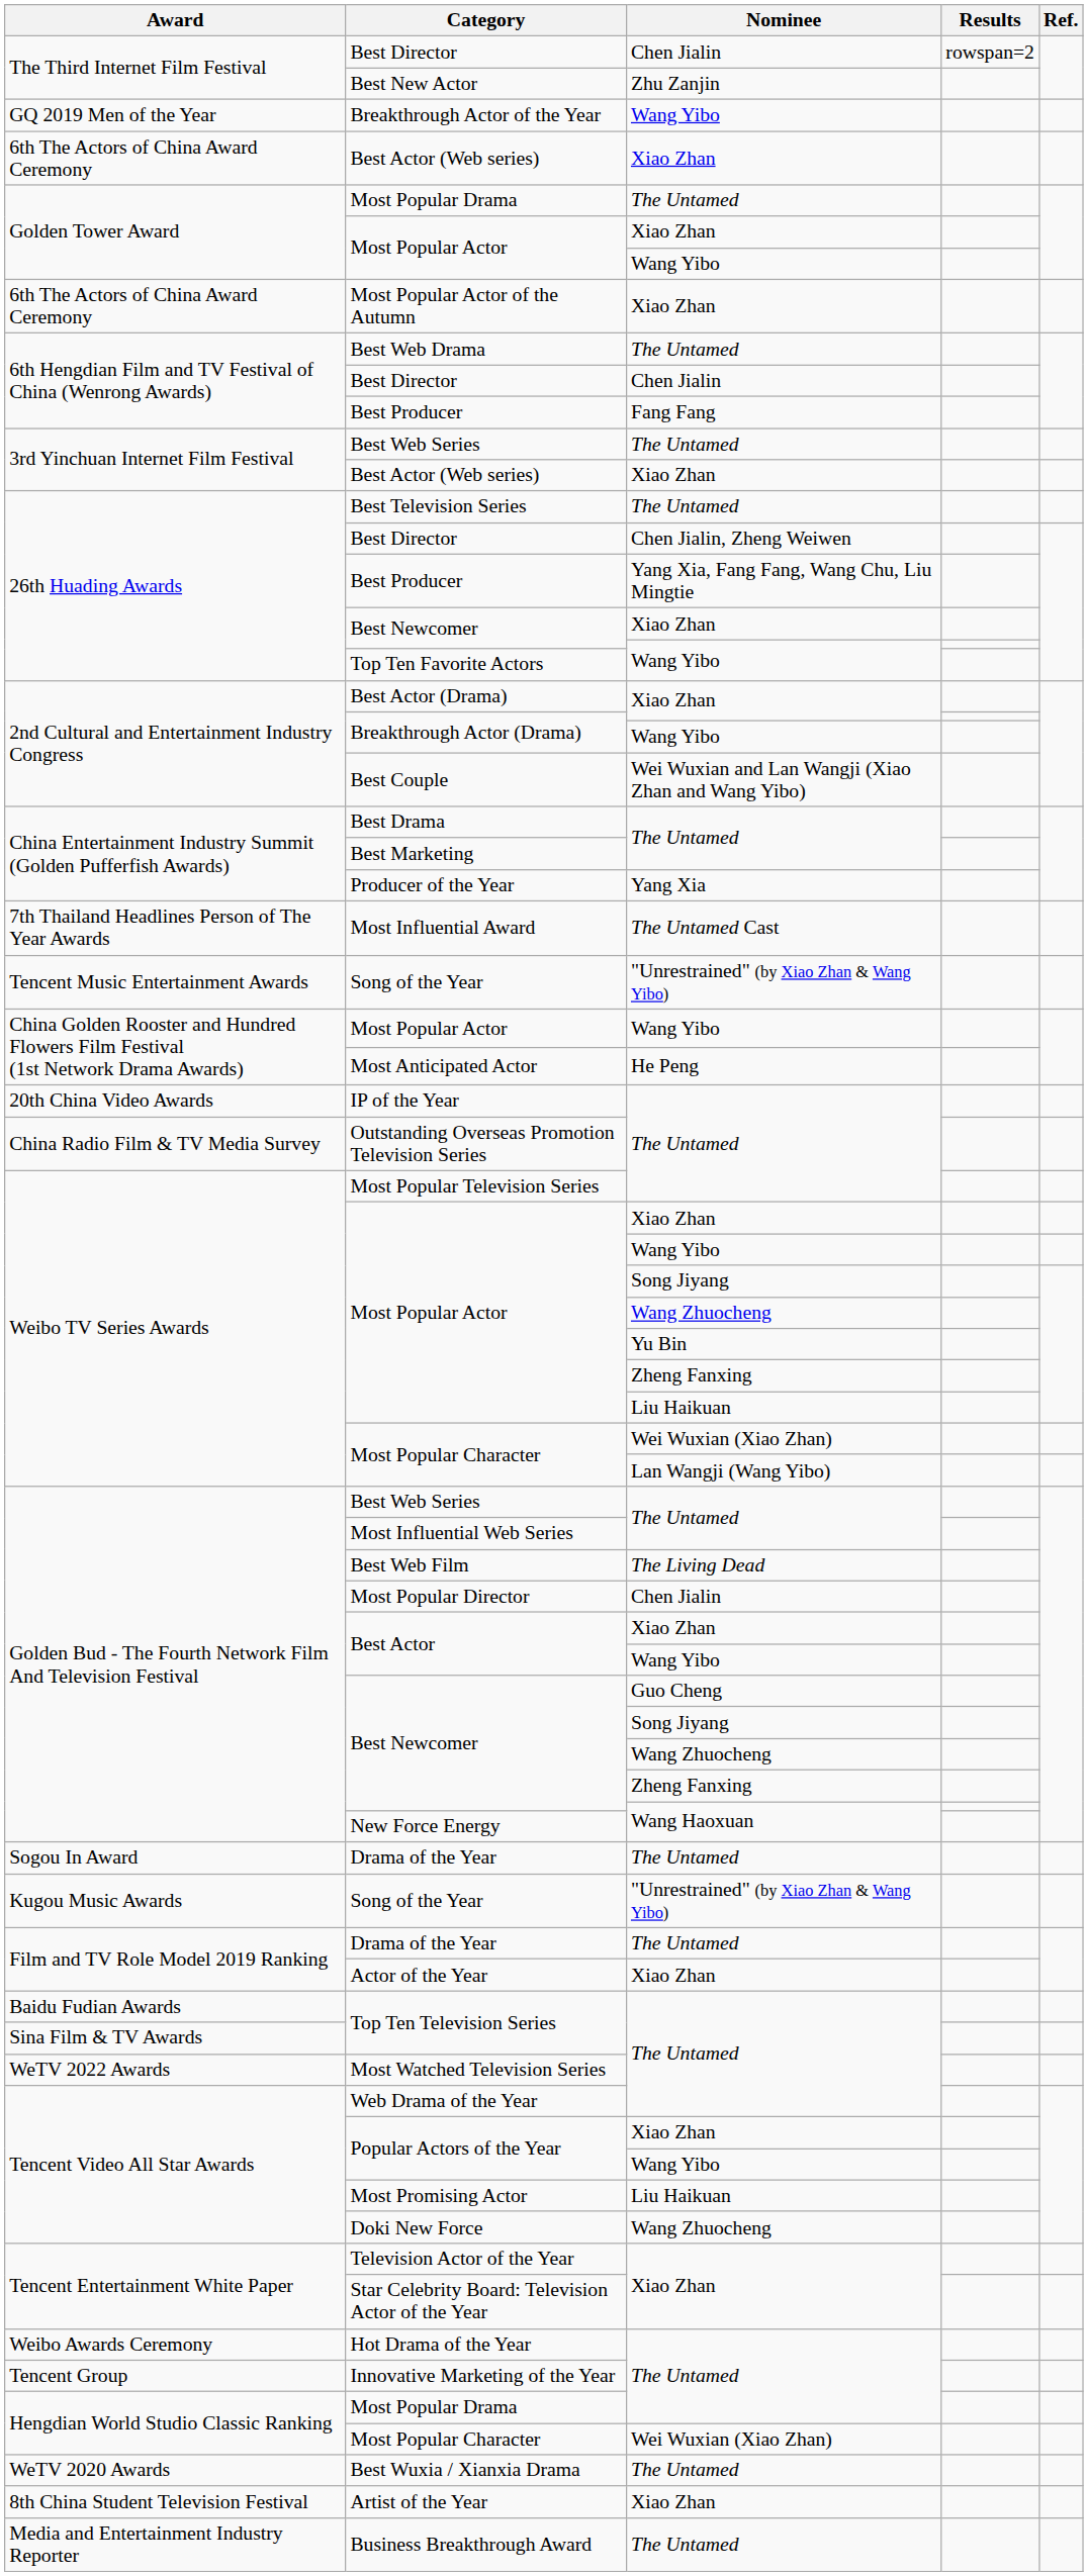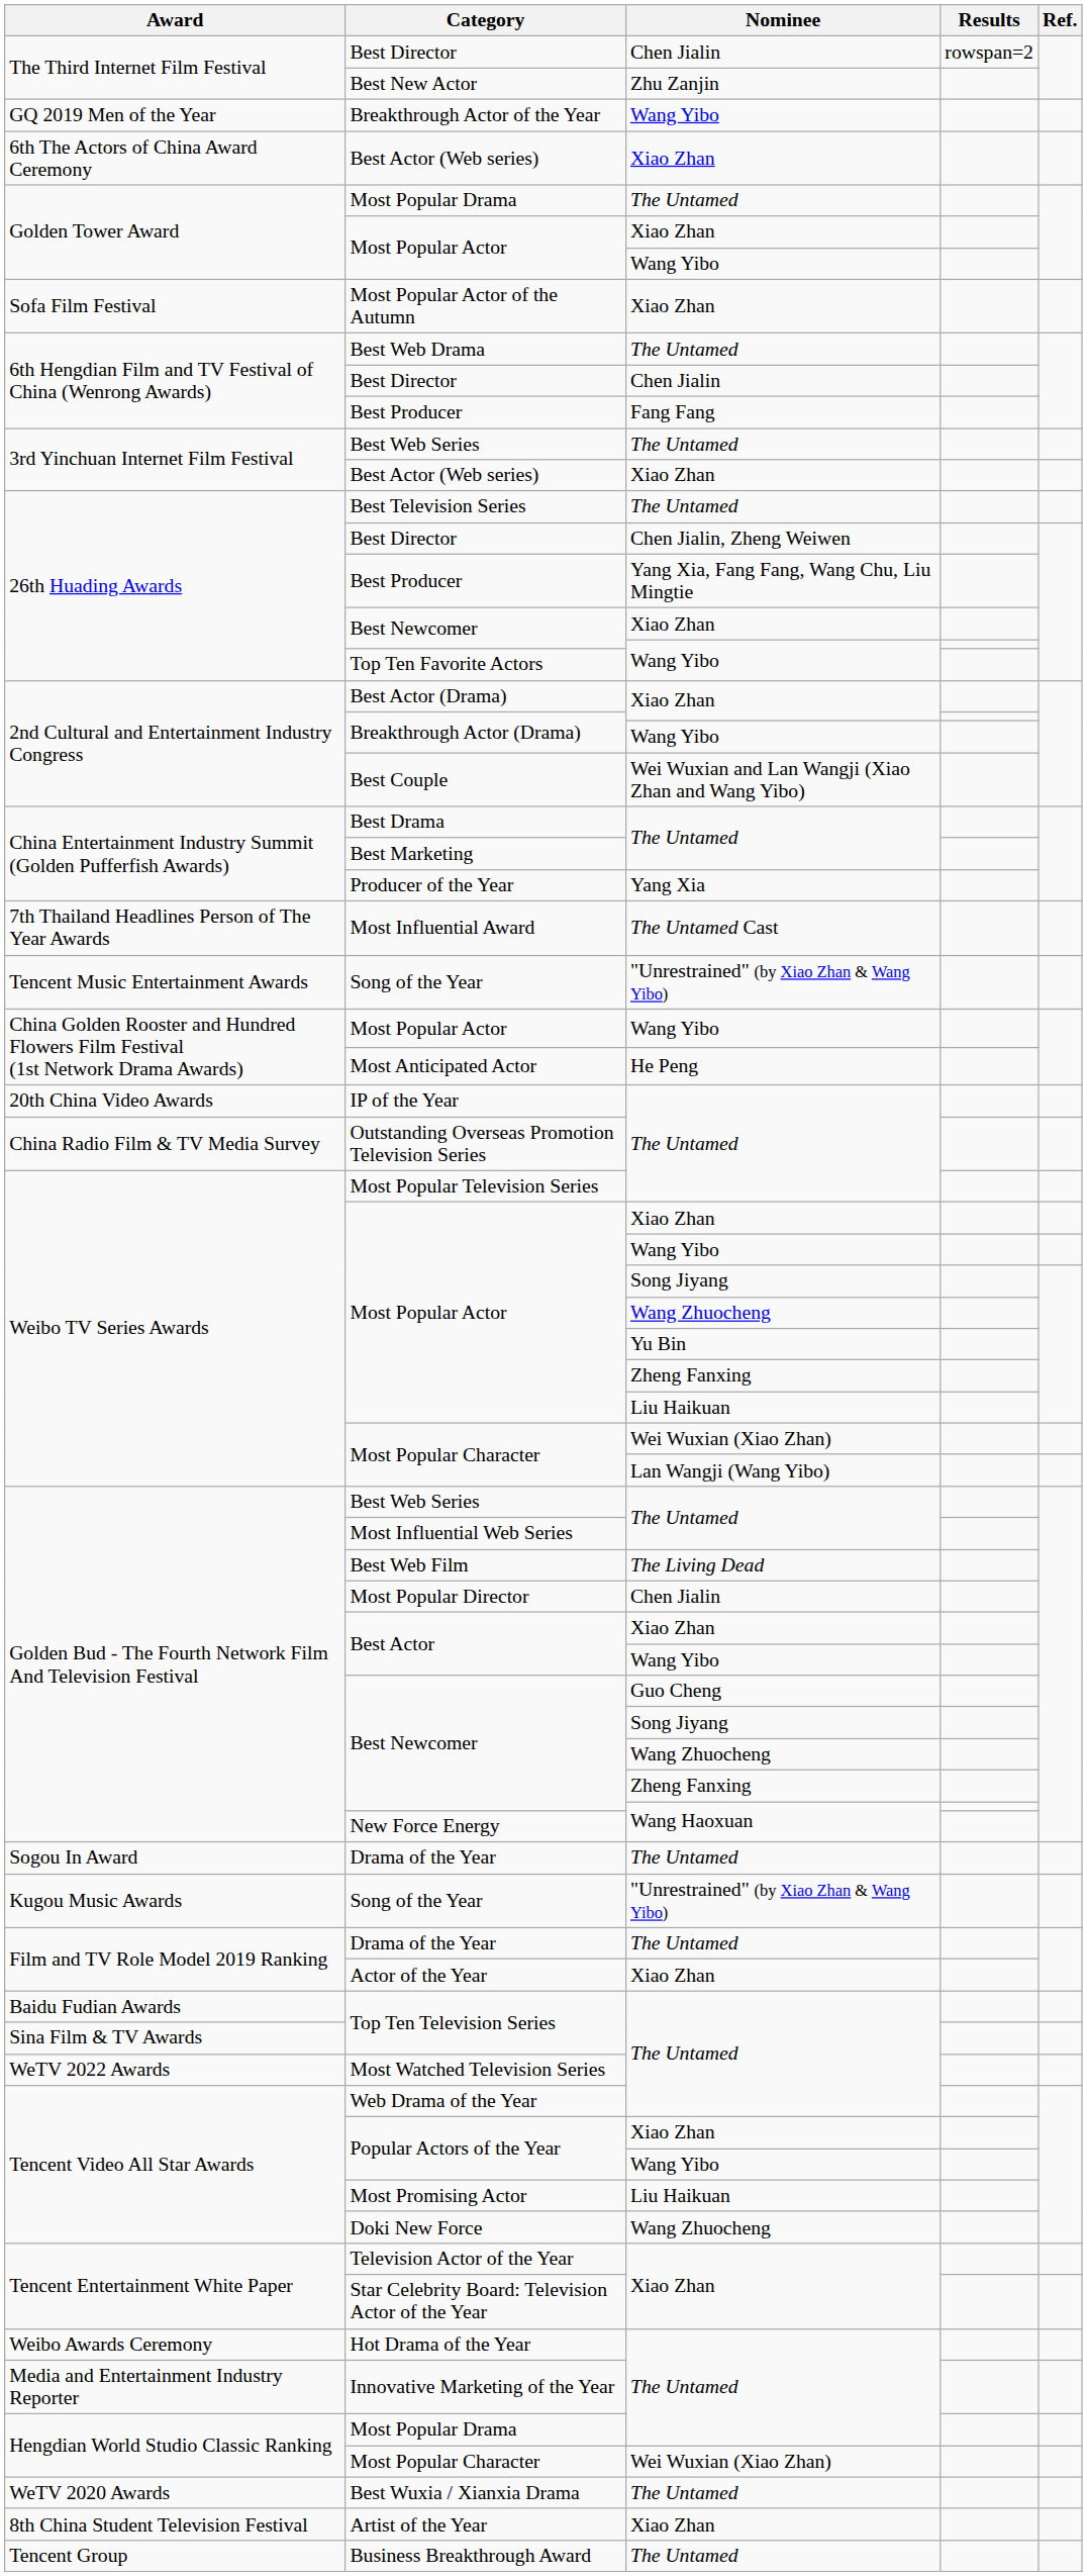 <table class="sortable wikitable">
 <tr>
 <th>Award</th>
 <th>Category</th>
 <th>Nominee</th>
 <th>Results</th>
 <th>Ref.</th>
 </tr>
 <tr>
 <td rowspan=2>The Third Internet Film Festival</td>
 <td>Best Director</td>
 <td>Chen Jialin</td>
 <td>rowspan=2 </td>
 <td rowspan=2></td>
 </tr>
 <tr>
 <td>Best New Actor</td>
 <td>Zhu Zanjin</td>
 </tr>
 <tr>
 <td>GQ 2019 Men of the Year</td>
 <td>Breakthrough Actor of the Year</td>
 <td><a href='#'>Wang Yibo</a></td>
 <td></td>
 <td></td>
 </tr>
 <tr>
 <td>6th The Actors of China Award Ceremony</td>
 <td>Best Actor (Web series)</td>
 <td><a href='#'>Xiao Zhan</a></td>
 <td></td>
 <td></td>
 </tr>
 <tr>
 <td rowspan=3>Golden Tower Award</td>
 <td>Most Popular Drama</td>
 <td><em>The Untamed</em></td>
 <td></td>
 <td rowspan=3></td>
 </tr>
 <tr>
 <td rowspan=2>Most Popular Actor</td>
 <td>Xiao Zhan</td>
 <td></td>
 </tr>
 <tr>
 <td>Wang Yibo</td>
 <td></td>
 </tr>
 <tr>
-<td>6th The Actors of China Award Ceremony</td>
+<td>Sofa Film Festival</td>
 <td>Most Popular Actor of the Autumn</td>
 <td Xiao Zhan>Xiao Zhan</td>
 <td></td>
 <td></td>
 </tr>
 <tr>
 <td rowspan=3>6th Hengdian Film and TV Festival of China (Wenrong Awards)</td>
 <td>Best Web Drama</td>
 <td><em>The Untamed</em></td>
 <td></td>
 <td rowspan=3></td>
 </tr>
 <tr>
 <td>Best Director</td>
 <td>Chen Jialin</td>
 <td></td>
 </tr>
 <tr>
 <td>Best Producer</td>
 <td>Fang Fang</td>
 <td></td>
 </tr>
 <tr>
 <td rowspan=2>3rd Yinchuan Internet Film Festival</td>
 <td>Best Web Series</td>
 <td><em>The Untamed</em></td>
 <td></td>
 <td></td>
 </tr>
 <tr>
 <td>Best Actor (Web series)</td>
 <td>Xiao Zhan</td>
 <td></td>
 <td></td>
 </tr>
 <tr>
 <td rowspan=6>26th <a href='#'>Huading Awards</a></td>
 <td>Best Television Series</td>
 <td><em>The Untamed</em></td>
 <td></td>
 <td></td>
 </tr>
 <tr>
 <td>Best Director</td>
 <td>Chen Jialin, Zheng Weiwen</td>
 <td></td>
 <td rowspan=5></td>
 </tr>
 <tr>
 <td>Best Producer</td>
 <td>Yang Xia, Fang Fang, Wang Chu, Liu Mingtie</td>
 <td></td>
 </tr>
 <tr>
 <td rowspan=2>Best Newcomer</td>
 <td>Xiao Zhan</td>
 <td></td>
 </tr>
 <tr>
 <td rowspan=2>Wang Yibo</td>
 <td></td>
 </tr>
 <tr>
 <td>Top Ten Favorite Actors</td>
 <td></td>
 </tr>
 <tr>
 <td rowspan=4>2nd Cultural and Entertainment Industry Congress</td>
 <td>Best Actor (Drama)</td>
 <td rowspan=2>Xiao Zhan</td>
 <td></td>
 <td rowspan=4></td>
 </tr>
 <tr>
 <td rowspan=2>Breakthrough Actor (Drama)</td>
 <td></td>
 </tr>
 <tr>
 <td>Wang Yibo</td>
 <td></td>
 </tr>
 <tr>
 <td>Best Couple</td>
 <td>Wei Wuxian and Lan Wangji (Xiao Zhan and Wang Yibo)</td>
 <td></td>
 </tr>
 <tr>
 <td rowspan=3>China Entertainment Industry Summit <br> (Golden Pufferfish Awards)</td>
 <td>Best Drama</td>
 <td rowspan=2><em>The Untamed</em></td>
 <td></td>
 <td rowspan=3></td>
 </tr>
 <tr>
 <td>Best Marketing</td>
 <td></td>
 </tr>
 <tr>
 <td>Producer of the Year</td>
 <td>Yang Xia</td>
 <td></td>
 </tr>
 <tr>
 <td>7th Thailand Headlines Person of The Year Awards</td>
 <td>Most Influential Award</td>
 <td><em>The Untamed</em> Cast</td>
 <td></td>
 <td></td>
 </tr>
 <tr>
 <td>Tencent Music Entertainment Awards</td>
 <td>Song of the Year</td>
 <td>"Unrestrained" <small>(by <a href='#'>Xiao Zhan</a> & <a href='#'>Wang Yibo</a>)</small></td>
 <td></td>
 <td></td>
 </tr>
 <tr>
 <td rowspan=2>China Golden Rooster and Hundred Flowers Film Festival <br> (1st Network Drama Awards)</td>
 <td>Most Popular Actor</td>
 <td>Wang Yibo</td>
 <td></td>
 <td rowspan=2></td>
 </tr>
 <tr>
 <td>Most Anticipated Actor</td>
 <td>He Peng</td>
 <td></td>
 </tr>
 <tr>
 <td>20th China Video Awards</td>
 <td>IP of the Year</td>
 <td rowspan=3><em>The Untamed</em></td>
 <td></td>
 <td></td>
 </tr>
 <tr>
 <td>China Radio Film & TV Media Survey</td>
 <td>Outstanding Overseas Promotion Television Series</td>
 <td></td>
 <td></td>
 </tr>
 <tr>
 <td rowspan=10>Weibo TV Series Awards</td>
 <td>Most Popular Television Series</td>
 <td></td>
 <td></td>
 </tr>
 <tr>
 <td rowspan=7>Most Popular Actor</td>
 <td>Xiao Zhan</td>
 <td></td>
 <td></td>
 </tr>
 <tr>
 <td>Wang Yibo</td>
 <td></td>
 <td></td>
 </tr>
 <tr>
 <td>Song Jiyang</td>
 <td></td>
 <td rowspan=5></td>
 </tr>
 <tr>
 <td><a href='#'>Wang Zhuocheng</a></td>
 <td></td>
 </tr>
 <tr>
 <td>Yu Bin</td>
 <td></td>
 </tr>
 <tr>
 <td>Zheng Fanxing</td>
 <td></td>
 </tr>
 <tr>
 <td>Liu Haikuan</td>
 <td></td>
 </tr>
 <tr>
 <td rowspan=2>Most Popular Character</td>
 <td>Wei Wuxian (Xiao Zhan)</td>
 <td></td>
 <td></td>
 </tr>
 <tr>
 <td>Lan Wangji (Wang Yibo)</td>
 <td></td>
 <td></td>
 </tr>
 <tr>
 <td rowspan=12>Golden Bud - The Fourth Network Film And Television Festival</td>
 <td>Best Web Series</td>
 <td rowspan=2><em>The Untamed</em></td>
 <td></td>
 <td rowspan=12></td>
 </tr>
 <tr>
 <td>Most Influential Web Series</td>
 <td></td>
 </tr>
 <tr>
 <td>Best Web Film</td>
 <td><em>The Living Dead</em></td>
 <td></td>
 </tr>
 <tr>
 <td>Most Popular Director</td>
 <td>Chen Jialin</td>
 <td></td>
 </tr>
 <tr>
 <td rowspan=2>Best Actor</td>
 <td>Xiao Zhan</td>
 <td></td>
 </tr>
 <tr>
 <td>Wang Yibo</td>
 <td></td>
 </tr>
 <tr>
 <td rowspan=5>Best Newcomer</td>
 <td>Guo Cheng</td>
 <td></td>
 </tr>
 <tr>
 <td>Song Jiyang</td>
 <td></td>
 </tr>
 <tr>
 <td>Wang Zhuocheng</td>
 <td></td>
 </tr>
 <tr>
 <td>Zheng Fanxing</td>
 <td></td>
 </tr>
 <tr>
 <td rowspan=2>Wang Haoxuan</td>
 <td></td>
 </tr>
 <tr>
 <td>New Force Energy</td>
 <td></td>
 </tr>
 <tr>
 <td>Sogou In Award</td>
 <td>Drama of the Year</td>
 <td><em>The Untamed</em></td>
 <td></td>
 <td></td>
 </tr>
 <tr>
 <td>Kugou Music Awards</td>
 <td>Song of the Year</td>
 <td>"Unrestrained" <small>(by <a href='#'>Xiao Zhan</a> & <a href='#'>Wang Yibo</a>)</small></td>
 <td></td>
 <td></td>
 </tr>
 <tr>
 <td rowspan=2>Film and TV Role Model 2019 Ranking</td>
 <td>Drama of the Year</td>
 <td><em>The Untamed</em></td>
 <td></td>
 <td rowspan=2></td>
 </tr>
 <tr>
 <td>Actor of the Year</td>
 <td>Xiao Zhan</td>
 <td></td>
 </tr>
 <tr>
 <td>Baidu Fudian Awards</td>
 <td rowspan=2>Top Ten Television Series</td>
 <td rowspan=4><em>The Untamed</em></td>
 <td></td>
 <td></td>
 </tr>
 <tr>
 <td>Sina Film & TV Awards</td>
 <td></td>
 <td></td>
 </tr>
 <tr>
 <td>WeTV 2022 Awards</td>
 <td>Most Watched Television Series</td>
 <td></td>
 <td></td>
 </tr>
 <tr>
 <td rowspan=5>Tencent Video All Star Awards</td>
 <td>Web Drama of the Year</td>
 <td></td>
 <td rowspan=5></td>
 </tr>
 <tr>
 <td rowspan=2>Popular Actors of the Year</td>
 <td>Xiao Zhan</td>
 <td></td>
 </tr>
 <tr>
 <td>Wang Yibo</td>
 <td></td>
 </tr>
 <tr>
 <td>Most Promising Actor</td>
 <td>Liu Haikuan</td>
 <td></td>
 </tr>
 <tr>
 <td>Doki New Force</td>
 <td>Wang Zhuocheng</td>
 <td></td>
 </tr>
 <tr>
 <td rowspan=2>Tencent Entertainment White Paper</td>
 <td>Television Actor of the Year</td>
 <td rowspan=2>Xiao Zhan</td>
 <td></td>
 <td></td>
 </tr>
 <tr>
 <td>Star Celebrity Board: Television Actor of the Year</td>
 <td></td>
 <td></td>
 </tr>
 <tr>
 <td>Weibo Awards Ceremony</td>
 <td>Hot Drama of the Year</td>
 <td rowspan=3><em>The Untamed</em></td>
 <td></td>
 <td></td>
 </tr>
 <tr>
-<td>Tencent Group</td>
+<td>Media and Entertainment Industry Reporter</td>
 <td>Innovative Marketing of the Year</td>
 <td></td>
 <td></td>
 </tr>
 <tr>
 <td rowspan=2>Hengdian World Studio Classic Ranking</td>
 <td>Most Popular Drama</td>
 <td></td>
 <td></td>
 </tr>
 <tr>
 <td>Most Popular Character</td>
 <td>Wei Wuxian (Xiao Zhan)</td>
 <td></td>
 <td></td>
 </tr>
 <tr>
 <td>WeTV 2020 Awards</td>
 <td>Best Wuxia / Xianxia Drama</td>
 <td><em>The Untamed</em></td>
 <td></td>
 <td></td>
 </tr>
 <tr>
 <td>8th China Student Television Festival</td>
 <td>Artist of the Year</td>
 <td>Xiao Zhan</td>
 <td></td>
 <td></td>
 </tr>
 <tr>
-<td>Media and Entertainment Industry Reporter</td>
+<td>Tencent Group</td>
 <td>Business Breakthrough Award</td>
 <td><em>The Untamed</em></td>
 <td></td>
 <td></td>
 </tr>
 </table>
